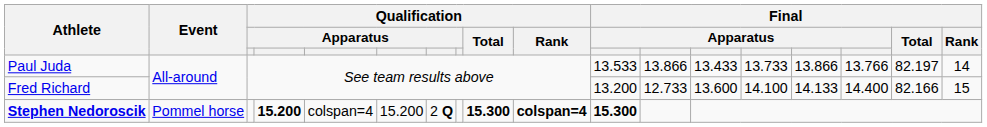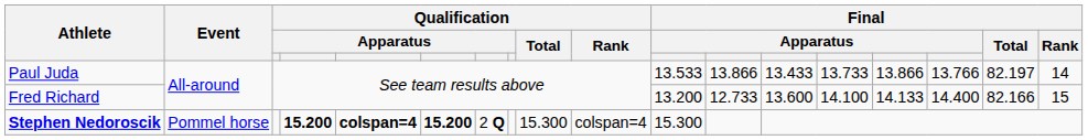 <table class=wikitable style=font-size:90%;text-align:center>
 <tr>
 <th rowspan=3>Athlete</th>
 <th rowspan=3>Event</th>
 <th colspan=8>Qualification</th>
 <th colspan=8>Final</th>
 </tr>
 <tr style=font-size:95%>
 <th colspan=6>Apparatus</th>
 <th rowspan=2>Total</th>
 <th rowspan=2>Rank</th>
 <th colspan=6>Apparatus</th>
 <th rowspan=2>Total</th>
 <th rowspan=2>Rank</th>
 </tr>
 <tr style=font-size:95%>
 <th></th>
 <th></th>
 <th></th>
 <th></th>
 <th></th>
 <th></th>
 <th></th>
 <th></th>
 <th></th>
 <th></th>
 <th></th>
 <th></th>
 </tr>
 <tr>
 <td align=left><a href='#'>Paul Juda</a></td>
 <td align=left rowspan=2><a href='#'>All-around</a></td>
 <td rowspan=2 colspan=8><em>See team results above</em></td>
 <td>13.533</td>
 <td>13.866</td>
 <td>13.433</td>
 <td>13.733</td>
 <td>13.866</td>
 <td>13.766</td>
 <td>82.197</td>
 <td>14</td>
 </tr>
 <tr>
 <td align=left><a href='#'>Fred Richard</a></td>
 <td>13.200</td>
 <td>12.733</td>
 <td>13.600</td>
 <td>14.100</td>
 <td>14.133</td>
 <td>14.400</td>
 <td>82.166</td>
 <td>15</td>
 </tr>
 <tr>
 <td align=left><strong><a href='#'>Stephen Nedoroscik</a></strong></td>
 <td align=left><a href='#'>Pommel horse</a></td>
 <td></td>
 <td><strong>15.200</strong></td>
-<td>colspan=4 </td>
-<td>15.200</td>
+<td><strong>colspan=4 </strong></td>
+<td><strong>15.200</strong></td>
 <td>2 <strong>Q</strong></td>
 <td></td>
-<td><strong>15.300</strong></td>
-<td><strong>colspan=4 </strong></td>
-<td><strong>15.300</strong></td>
+<td>15.300</td>
+<td>colspan=4 </td>
+<td>15.300</td>
 <td></td>
 </tr>
 </table>
